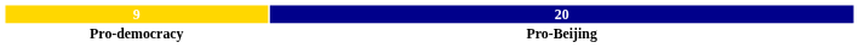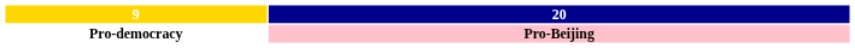 <table style="width:60%; text-align:center;">
 <tr style="color:white;">
 <td style="background:gold; width:31%;"><strong>9</strong></td>
 <td style="background:darkblue; width:69%;"><strong>20</strong></td>
 </tr>
 <tr>
 <td><span><strong>Pro-democracy</strong></span></td>
-<td><span><strong>Pro-Beijing</strong></span></td>
+<td style="background: pink;"><span><strong>Pro-Beijing</strong></span></td>
 </tr>
 </table>
